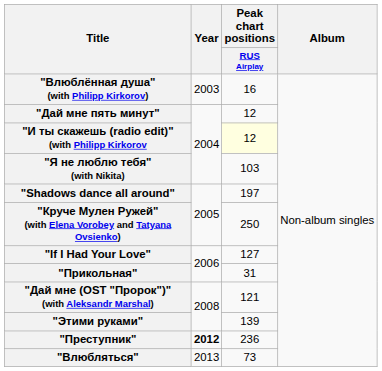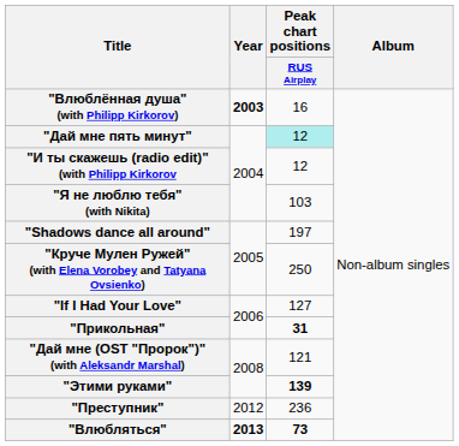 <table class="wikitable plainrowheaders" style="text-align:center;">
 <tr>
 <th scope="col" rowspan="2" style="width:16em;">Title</th>
 <th scope="col" rowspan="2" style="width:1em;">Year</th>
 <th scope="col">Peak chart positions</th>
 <th scope="col" rowspan="2">Album</th>
 </tr>
 <tr>
 <th scope="col" style="width:3em;font-size:85%;"><a href='#'>RUS<br><small>Airplay</small></a><br></th>
 </tr>
 <tr>
 <th scope="row">"Влюблённая душа"<br><small>(with <a href='#'>Philipp Kirkorov</a>)</small></th>
-<td>2003</td>
+<td><strong>2003</strong></td>
 <td>16</td>
 <td rowspan="12">Non-album singles</td>
 </tr>
 <tr>
 <th scope="row">"Дай мне пять минут"</th>
 <td rowspan="3">2004</td>
-<td>12</td>
+<td style="background: paleturquoise;">12</td>
 </tr>
 <tr>
 <th scope="row">"И ты скажешь (radio edit)" <br><small>(with <a href='#'>Philipp Kirkorov</a></small></th>
-<td style="background: lightyellow;">12</td>
+<td>12</td>
 </tr>
 <tr>
 <th scope="row">"Я не люблю тебя" <br><small>(with Nikita)</small></th>
 <td>103</td>
 </tr>
 <tr>
 <th scope="row">"Shadows dance all around"</th>
 <td rowspan="2">2005</td>
 <td>197</td>
 </tr>
 <tr>
 <th scope="row">"Круче Мулен Ружей"<br><small>(with <a href='#'>Elena Vorobey</a> and <a href='#'>Tatyana Ovsienko</a>)</small></th>
 <td>250</td>
 </tr>
 <tr>
 <th scope="row">"If I Had Your Love"</th>
 <td rowspan="2">2006</td>
 <td>127</td>
 </tr>
 <tr>
 <th scope="row">"Прикольная"</th>
-<td>31</td>
+<td><strong>31</strong></td>
 </tr>
 <tr>
 <th scope="row">"Дай мне (OST "Пророк")"<br><small>(with <a href='#'>Aleksandr Marshal</a>)</small></th>
 <td rowspan="2">2008</td>
 <td>121</td>
 </tr>
 <tr>
 <th scope="row">"Этими руками"</th>
-<td>139</td>
+<td><strong>139</strong></td>
 </tr>
 <tr>
 <th scope="row">"Преступник"</th>
-<td><strong>2012</strong></td>
+<td>2012</td>
 <td>236</td>
 </tr>
 <tr>
 <th scope="row">"Влюбляться"</th>
-<td>2013</td>
-<td>73</td>
+<td><strong>2013</strong></td>
+<td><strong>73</strong></td>
 </tr>
 </table>
